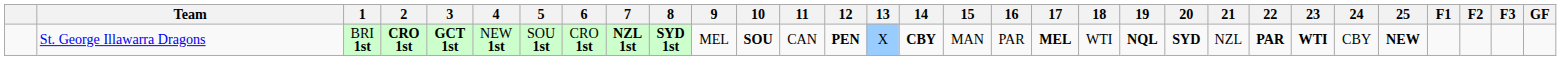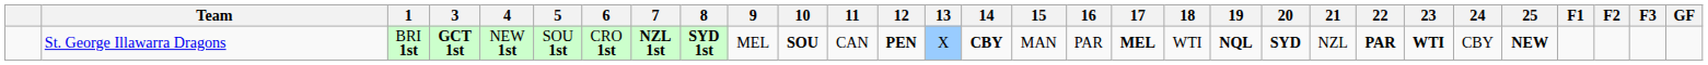 <table class="wikitable" style="text-align:center; line-height: 90%; font-size:90%;" width=100%>
 <tr>
 <th width=20 abbr="Position"></th>
 <th width=250>Team</th>
 <th width=20 abbr="Round 1">1</th>
-<th width=20 abbr="Round 2">2</th>
 <th width=20 abbr="Round 3">3</th>
 <th width=20 abbr="Round 4">4</th>
 <th width=20 abbr="Round 5">5</th>
 <th width=20 abbr="Round 6">6</th>
 <th width=20 abbr="Round 7">7</th>
 <th width=20 abbr="Round 8">8</th>
 <th width=20 abbr="Round 9">9</th>
 <th width=20 abbr="Round 10">10</th>
 <th width=20 abbr="Round 11">11</th>
 <th width=20 abbr="Round 12">12</th>
 <th width=20 abbr="Round 13">13</th>
 <th width=20 abbr="Round 14">14</th>
 <th width=20 abbr="Round 15">15</th>
 <th width=20 abbr="Round 16">16</th>
 <th width=20 abbr="Round 17">17</th>
 <th width=20 abbr="Round 18">18</th>
 <th width=20 abbr="Round 19">19</th>
 <th width=20 abbr="Round 20">20</th>
 <th width=20 abbr="Round 21">21</th>
 <th width=20 abbr="Round 22">22</th>
 <th width=20 abbr="Round 23">23</th>
 <th width=20 abbr="Round 24">24</th>
 <th width=20 abbr="Round 25">25</th>
 <th width=20 abbr="FINALS 1">F1</th>
 <th width=20 abbr="FINALS 2">F2</th>
 <th width=20 abbr="FINALS 3">F3</th>
 <th width=20 abbr="GRAND FINAL">GF</th>
 </tr>
 <tr>
 <td></td>
 <td align="left"><a href='#'>St. George Illawarra Dragons</a></td>
 <td style="background:#cfc;">BRI <br> <strong>1st</strong></td>
-<td style="background:#cfc"><strong>CRO</strong> <br> <strong>1st</strong></td>
 <td style="background:#cfc"><strong>GCT</strong> <br> <strong>1st</strong></td>
 <td style="background:#cfc">NEW <br> <strong>1st</strong></td>
 <td style="background:#cfc">SOU <br> <strong>1st</strong></td>
 <td style="background:#cfc;">CRO <br> <strong>1st</strong></td>
 <td style="background:#cfc;"><strong>NZL</strong> <br> <strong>1st</strong></td>
 <td style="background:#cfc;"><strong>SYD</strong> <br> <strong>1st</strong></td>
 <td style="background:">MEL</td>
 <td style="background:"><strong>SOU</strong></td>
 <td style="background:">CAN</td>
 <td style="background:"><strong>PEN</strong></td>
 <td style="background:#99ccff;">X</td>
 <td style="background:"><strong>CBY</strong></td>
 <td style="background:">MAN</td>
 <td style="background:">PAR</td>
 <td style="background:"><strong>MEL</strong></td>
 <td style="background:">WTI</td>
 <td style="background:"><strong>NQL</strong></td>
 <td style="background:"><strong>SYD</strong></td>
 <td style="background:">NZL</td>
 <td style="background:"><strong>PAR</strong></td>
 <td style="background:"><strong>WTI</strong></td>
 <td style="background:">CBY</td>
 <td style="background:"><strong>NEW</strong></td>
 <td style="background:"></td>
 <td style="background:"></td>
 <td style="background:"></td>
 <td style="background:"></td>
 </tr>
 </table>
